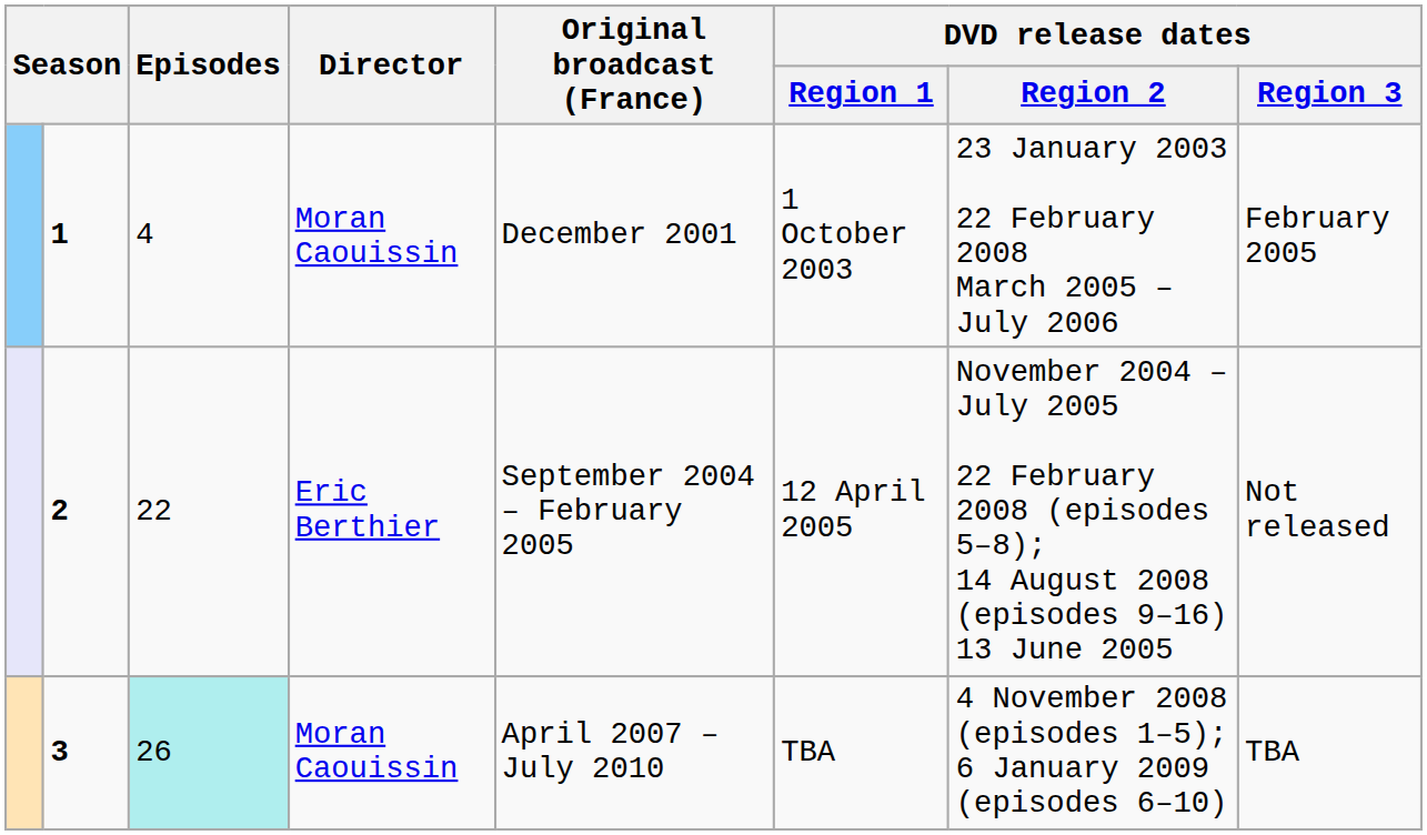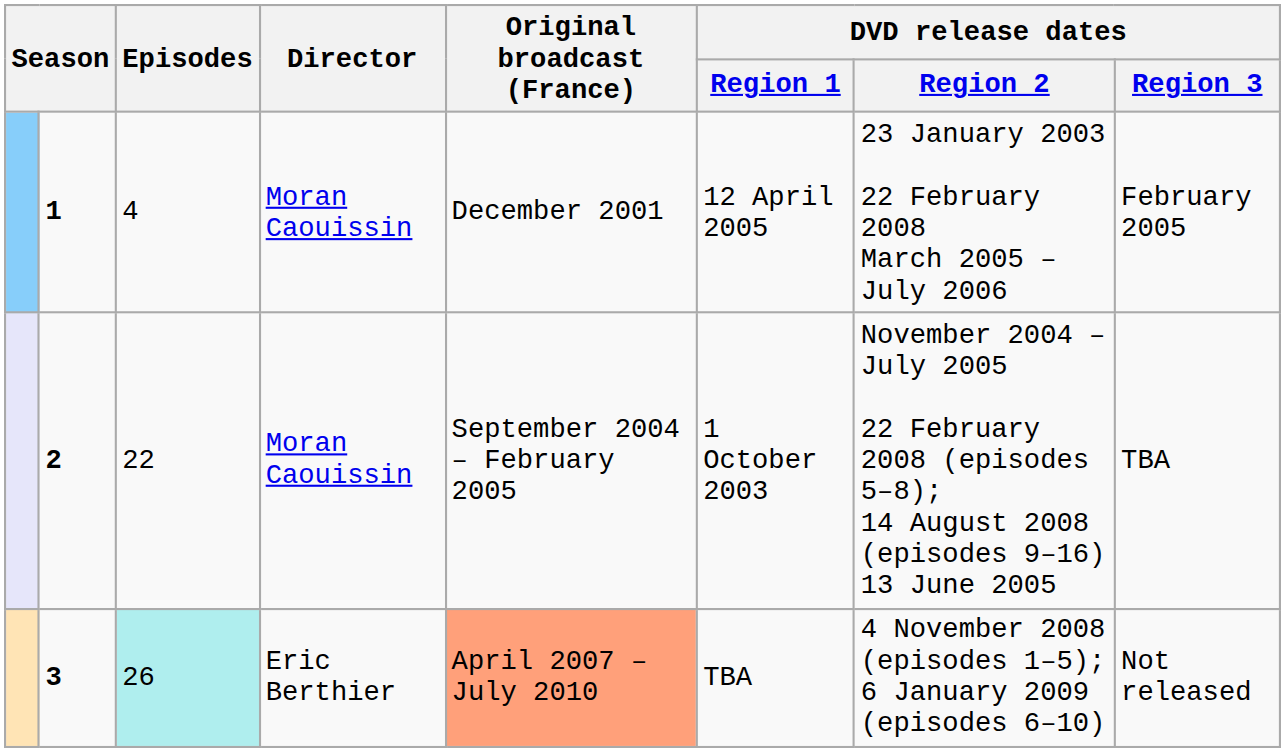 <table class="wikitable">
 <tr>
 <th colspan="2" rowspan="2">Season</th>
 <th rowspan="2">Episodes</th>
 <th rowspan="2">Director</th>
 <th rowspan="2">Original broadcast (France)</th>
 <th colspan="4">DVD release dates</th>
 </tr>
 <tr>
 <th><a href='#'>Region 1</a></th>
 <th><a href='#'>Region 2</a></th>
 <th><a href='#'>Region 3</a></th>
 </tr>
 <tr>
 <td bgcolor="LightSkyBlue"></td>
 <td><strong>1</strong></td>
 <td>4</td>
 <td><a href='#'>Moran Caouissin</a></td>
 <td>December 2001</td>
-<td>1 October 2003</td>
+<td>12 April 2005</td>
 <td> 23 January 2003<br><br> 22 February 2008<br>  March 2005 – July 2006</td>
 <td>February 2005</td>
 </tr>
 <tr>
 <td bgcolor="Lavender"></td>
 <td><strong>2</strong></td>
 <td>22</td>
-<td><a href='#'>Eric Berthier</a></td>
+<td><a href='#'>Moran Caouissin</a></td>
 <td>September 2004 – February 2005</td>
-<td>12 April 2005</td>
+<td>1 October 2003</td>
 <td> November 2004 – July 2005<br><br> 22 February 2008 (episodes 5–8);<br>14 August 2008 (episodes 9–16)<br>  13 June 2005</td>
-<td>Not released</td>
+<td>TBA</td>
 </tr>
 <tr>
 <td bgcolor="Moccasin"></td>
 <td><strong>3</strong></td>
 <td style="background: paleturquoise;">26</td>
-<td><a href='#'>Moran Caouissin</a></td>
-<td>April 2007 – July 2010</td>
+<td>Eric Berthier</td>
+<td style="background: lightsalmon;">April 2007 – July 2010</td>
 <td>TBA</td>
 <td> 4 November 2008 (episodes 1–5);<br>6 January 2009 (episodes 6–10)</td>
-<td>TBA</td>
+<td>Not released</td>
 </tr>
 </table>
